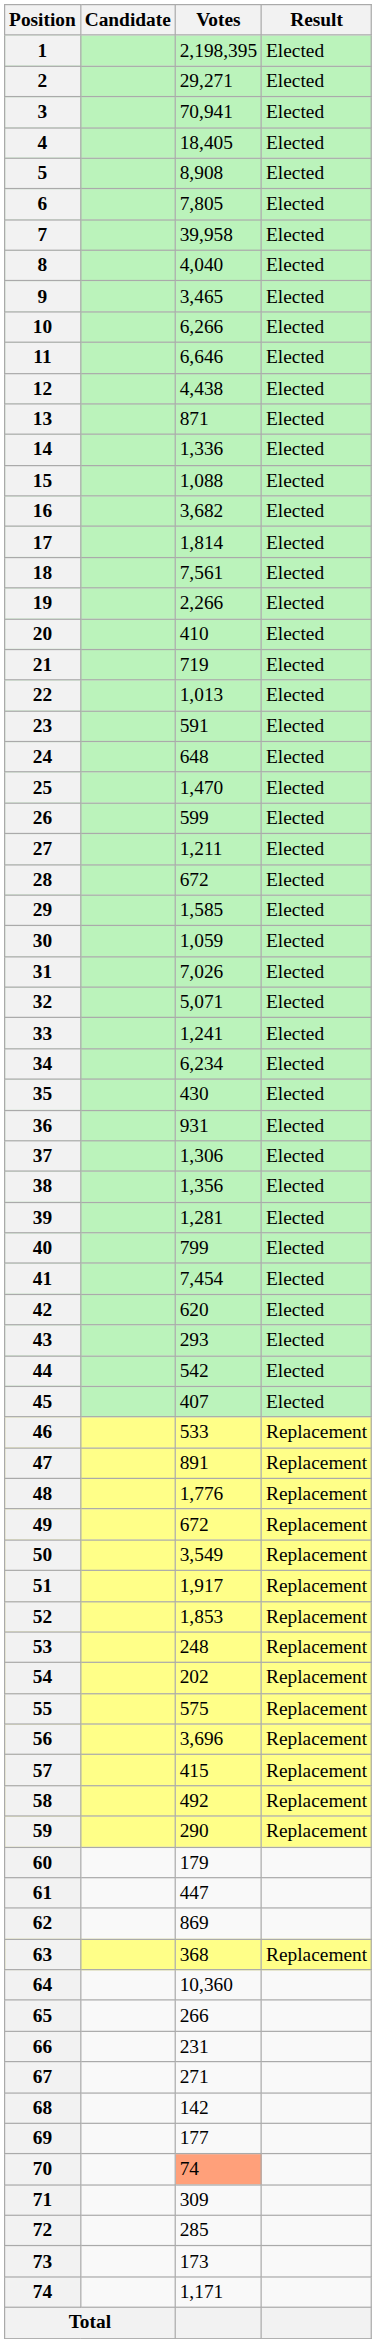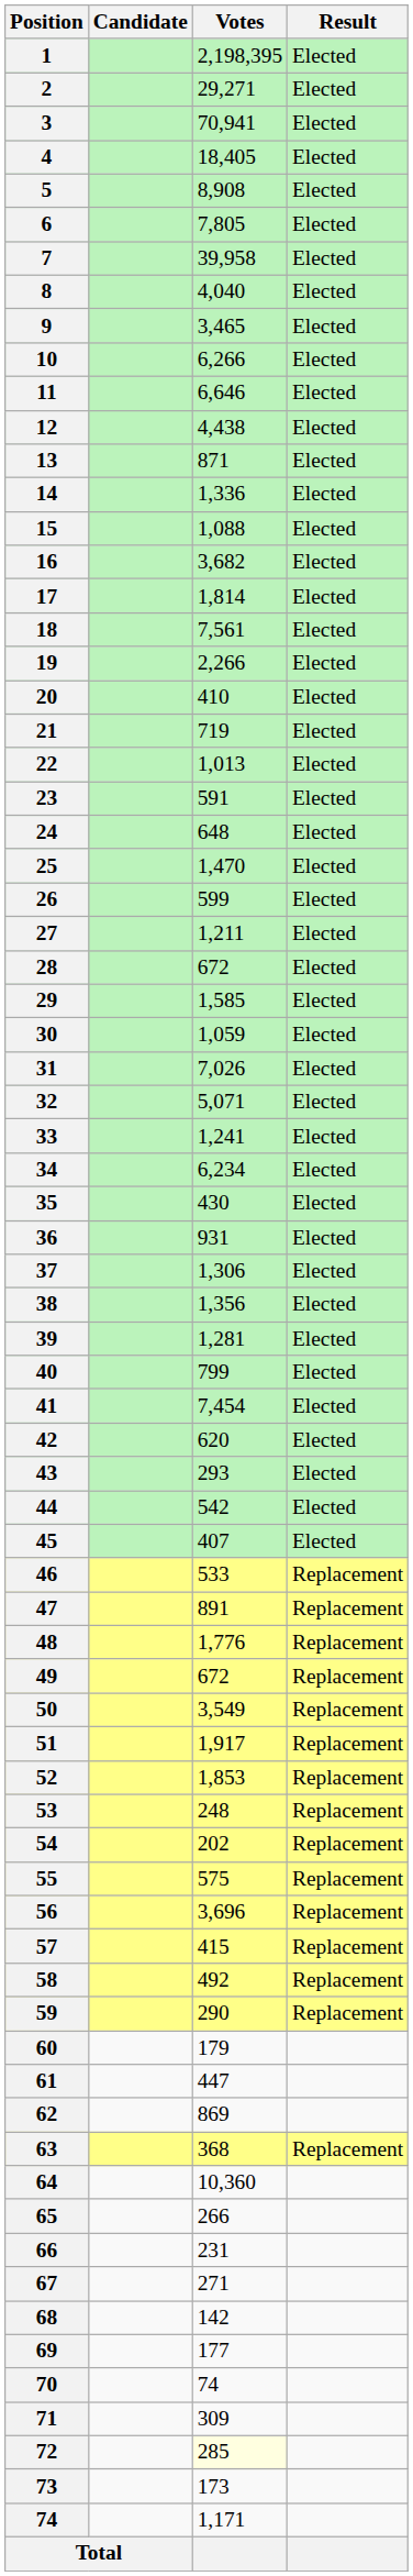 <table class="wikitable sortable col3right">
 <tr>
 <th scope="col">Position</th>
 <th scope="col">Candidate</th>
 <th scope="col">Votes</th>
 <th scope="col">Result</th>
 </tr>
 <tr bgcolor=bbf3bb>
 <th scope="row">1</th>
 <td></td>
 <td>2,198,395</td>
 <td>Elected</td>
 </tr>
 <tr bgcolor=bbf3bb>
 <th scope="row">2</th>
 <td></td>
 <td>29,271</td>
 <td>Elected</td>
 </tr>
 <tr bgcolor=bbf3bb>
 <th scope="row">3</th>
 <td></td>
 <td>70,941</td>
 <td>Elected</td>
 </tr>
 <tr bgcolor=bbf3bb>
 <th scope="row">4</th>
 <td></td>
 <td>18,405</td>
 <td>Elected</td>
 </tr>
 <tr bgcolor=bbf3bb>
 <th scope="row">5</th>
 <td></td>
 <td>8,908</td>
 <td>Elected</td>
 </tr>
 <tr bgcolor=bbf3bb>
 <th scope="row">6</th>
 <td></td>
 <td>7,805</td>
 <td>Elected</td>
 </tr>
 <tr bgcolor=bbf3bb>
 <th scope="row">7</th>
 <td></td>
 <td>39,958</td>
 <td>Elected</td>
 </tr>
 <tr bgcolor=bbf3bb>
 <th scope="row">8</th>
 <td></td>
 <td>4,040</td>
 <td>Elected</td>
 </tr>
 <tr bgcolor=bbf3bb>
 <th scope="row">9</th>
 <td></td>
 <td>3,465</td>
 <td>Elected</td>
 </tr>
 <tr bgcolor=bbf3bb>
 <th scope="row">10</th>
 <td></td>
 <td>6,266</td>
 <td>Elected</td>
 </tr>
 <tr bgcolor=bbf3bb>
 <th scope="row">11</th>
 <td></td>
 <td>6,646</td>
 <td>Elected</td>
 </tr>
 <tr bgcolor=bbf3bb>
 <th scope="row">12</th>
 <td></td>
 <td>4,438</td>
 <td>Elected</td>
 </tr>
 <tr bgcolor=bbf3bb>
 <th scope="row">13</th>
 <td></td>
 <td>871</td>
 <td>Elected</td>
 </tr>
 <tr bgcolor=bbf3bb>
 <th scope="row">14</th>
 <td></td>
 <td>1,336</td>
 <td>Elected</td>
 </tr>
 <tr bgcolor=bbf3bb>
 <th scope="row">15</th>
 <td></td>
 <td>1,088</td>
 <td>Elected</td>
 </tr>
 <tr bgcolor=bbf3bb>
 <th scope="row">16</th>
 <td></td>
 <td>3,682</td>
 <td>Elected</td>
 </tr>
 <tr bgcolor=bbf3bb>
 <th scope="row">17</th>
 <td></td>
 <td>1,814</td>
 <td>Elected</td>
 </tr>
 <tr bgcolor=bbf3bb>
 <th scope="row">18</th>
 <td></td>
 <td>7,561</td>
 <td>Elected</td>
 </tr>
 <tr bgcolor=bbf3bb>
 <th scope="row">19</th>
 <td></td>
 <td>2,266</td>
 <td>Elected</td>
 </tr>
 <tr bgcolor=bbf3bb>
 <th scope="row">20</th>
 <td></td>
 <td>410</td>
 <td>Elected</td>
 </tr>
 <tr bgcolor=bbf3bb>
 <th scope="row">21</th>
 <td></td>
 <td>719</td>
 <td>Elected</td>
 </tr>
 <tr bgcolor=bbf3bb>
 <th scope="row">22</th>
 <td></td>
 <td>1,013</td>
 <td>Elected</td>
 </tr>
 <tr bgcolor=bbf3bb>
 <th scope="row">23</th>
 <td></td>
 <td>591</td>
 <td>Elected</td>
 </tr>
 <tr bgcolor=bbf3bb>
 <th scope="row">24</th>
 <td></td>
 <td>648</td>
 <td>Elected</td>
 </tr>
 <tr bgcolor=bbf3bb>
 <th scope="row">25</th>
 <td></td>
 <td>1,470</td>
 <td>Elected</td>
 </tr>
 <tr bgcolor=bbf3bb>
 <th scope="row">26</th>
 <td></td>
 <td>599</td>
 <td>Elected</td>
 </tr>
 <tr bgcolor=bbf3bb>
 <th scope="row">27</th>
 <td></td>
 <td>1,211</td>
 <td>Elected</td>
 </tr>
 <tr bgcolor=bbf3bb>
 <th scope="row">28</th>
 <td></td>
 <td>672</td>
 <td>Elected</td>
 </tr>
 <tr bgcolor=bbf3bb>
 <th scope="row">29</th>
 <td></td>
 <td>1,585</td>
 <td>Elected</td>
 </tr>
 <tr bgcolor=bbf3bb>
 <th scope="row">30</th>
 <td></td>
 <td>1,059</td>
 <td>Elected</td>
 </tr>
 <tr bgcolor=bbf3bb>
 <th scope="row">31</th>
 <td></td>
 <td>7,026</td>
 <td>Elected</td>
 </tr>
 <tr bgcolor=bbf3bb>
 <th scope="row">32</th>
 <td></td>
 <td>5,071</td>
 <td>Elected</td>
 </tr>
 <tr bgcolor=bbf3bb>
 <th scope="row">33</th>
 <td></td>
 <td>1,241</td>
 <td>Elected</td>
 </tr>
 <tr bgcolor=bbf3bb>
 <th scope="row">34</th>
 <td></td>
 <td>6,234</td>
 <td>Elected</td>
 </tr>
 <tr bgcolor=bbf3bb>
 <th scope="row">35</th>
 <td></td>
 <td>430</td>
 <td>Elected</td>
 </tr>
 <tr bgcolor=bbf3bb>
 <th scope="row">36</th>
 <td></td>
 <td>931</td>
 <td>Elected</td>
 </tr>
 <tr bgcolor=bbf3bb>
 <th scope="row">37</th>
 <td></td>
 <td>1,306</td>
 <td>Elected</td>
 </tr>
 <tr bgcolor=bbf3bb>
 <th scope="row">38</th>
 <td></td>
 <td>1,356</td>
 <td>Elected</td>
 </tr>
 <tr bgcolor=bbf3bb>
 <th scope="row">39</th>
 <td></td>
 <td>1,281</td>
 <td>Elected</td>
 </tr>
 <tr bgcolor=bbf3bb>
 <th scope="row">40</th>
 <td></td>
 <td>799</td>
 <td>Elected</td>
 </tr>
 <tr bgcolor=bbf3bb>
 <th scope="row">41</th>
 <td></td>
 <td>7,454</td>
 <td>Elected</td>
 </tr>
 <tr bgcolor=bbf3bb>
 <th scope="row">42</th>
 <td></td>
 <td>620</td>
 <td>Elected</td>
 </tr>
 <tr bgcolor=bbf3bb>
 <th scope="row">43</th>
 <td></td>
 <td>293</td>
 <td>Elected</td>
 </tr>
 <tr bgcolor=bbf3bb>
 <th scope="row">44</th>
 <td></td>
 <td>542</td>
 <td>Elected</td>
 </tr>
 <tr bgcolor=bbf3bb>
 <th scope="row">45</th>
 <td></td>
 <td>407</td>
 <td>Elected</td>
 </tr>
 <tr bgcolor=#FF8>
 <th scope="row">46</th>
 <td></td>
 <td>533</td>
 <td>Replacement</td>
 </tr>
 <tr bgcolor=#FF8>
 <th scope="row">47</th>
 <td></td>
 <td>891</td>
 <td>Replacement</td>
 </tr>
 <tr bgcolor=#FF8>
 <th scope="row">48</th>
 <td></td>
 <td>1,776</td>
 <td>Replacement</td>
 </tr>
 <tr bgcolor=#FF8>
 <th scope="row">49</th>
 <td></td>
 <td>672</td>
 <td>Replacement</td>
 </tr>
 <tr bgcolor=#FF8>
 <th scope="row">50</th>
 <td></td>
 <td>3,549</td>
 <td>Replacement</td>
 </tr>
 <tr bgcolor=#FF8>
 <th scope="row">51</th>
 <td></td>
 <td>1,917</td>
 <td>Replacement</td>
 </tr>
 <tr bgcolor=#FF8>
 <th scope="row">52</th>
 <td></td>
 <td>1,853</td>
 <td>Replacement</td>
 </tr>
 <tr bgcolor=#FF8>
 <th scope="row">53</th>
 <td></td>
 <td>248</td>
 <td>Replacement</td>
 </tr>
 <tr bgcolor=#FF8>
 <th scope="row">54</th>
 <td></td>
 <td>202</td>
 <td>Replacement</td>
 </tr>
 <tr bgcolor=#FF8>
 <th scope="row">55</th>
 <td></td>
 <td>575</td>
 <td>Replacement</td>
 </tr>
 <tr bgcolor=#FF8>
 <th scope="row">56</th>
 <td></td>
 <td>3,696</td>
 <td>Replacement</td>
 </tr>
 <tr bgcolor=#FF8>
 <th scope="row">57</th>
 <td></td>
 <td>415</td>
 <td>Replacement</td>
 </tr>
 <tr bgcolor=#FF8>
 <th scope="row">58</th>
 <td></td>
 <td>492</td>
 <td>Replacement</td>
 </tr>
 <tr bgcolor=#FF8>
 <th scope="row">59</th>
 <td></td>
 <td>290</td>
 <td>Replacement</td>
 </tr>
 <tr>
 <th scope="row">60</th>
 <td></td>
 <td>179</td>
 <td></td>
 </tr>
 <tr>
 <th scope="row">61</th>
 <td></td>
 <td>447</td>
 <td></td>
 </tr>
 <tr>
 <th scope="row">62</th>
 <td></td>
 <td>869</td>
 <td></td>
 </tr>
 <tr bgcolor=#FF8>
 <th scope="row">63</th>
 <td></td>
 <td>368</td>
 <td>Replacement</td>
 </tr>
 <tr>
 <th scope="row">64</th>
 <td></td>
 <td>10,360</td>
 <td></td>
 </tr>
 <tr>
 <th scope="row">65</th>
 <td></td>
 <td>266</td>
 <td></td>
 </tr>
 <tr>
 <th scope="row">66</th>
 <td></td>
 <td>231</td>
 <td></td>
 </tr>
 <tr>
 <th scope="row">67</th>
 <td></td>
 <td>271</td>
 <td></td>
 </tr>
 <tr>
 <th scope="row">68</th>
 <td></td>
 <td>142</td>
 <td></td>
 </tr>
 <tr>
 <th scope="row">69</th>
 <td></td>
 <td>177</td>
 <td></td>
 </tr>
 <tr>
 <th scope="row">70</th>
 <td></td>
-<td style="background: lightsalmon;">74</td>
+<td>74</td>
 <td></td>
 </tr>
 <tr>
 <th scope="row">71</th>
 <td></td>
 <td>309</td>
 <td></td>
 </tr>
 <tr>
 <th scope="row">72</th>
 <td></td>
-<td>285</td>
+<td style="background: lightyellow;">285</td>
 <td></td>
 </tr>
 <tr>
 <th scope="row">73</th>
 <td></td>
 <td>173</td>
 <td></td>
 </tr>
 <tr>
 <th scope="row">74</th>
 <td></td>
 <td>1,171</td>
 <td></td>
 </tr>
 <tr class="sortbottom">
 <th scope="row" colspan="2">Total</th>
 <th></th>
 <th></th>
 </tr>
 </table>
